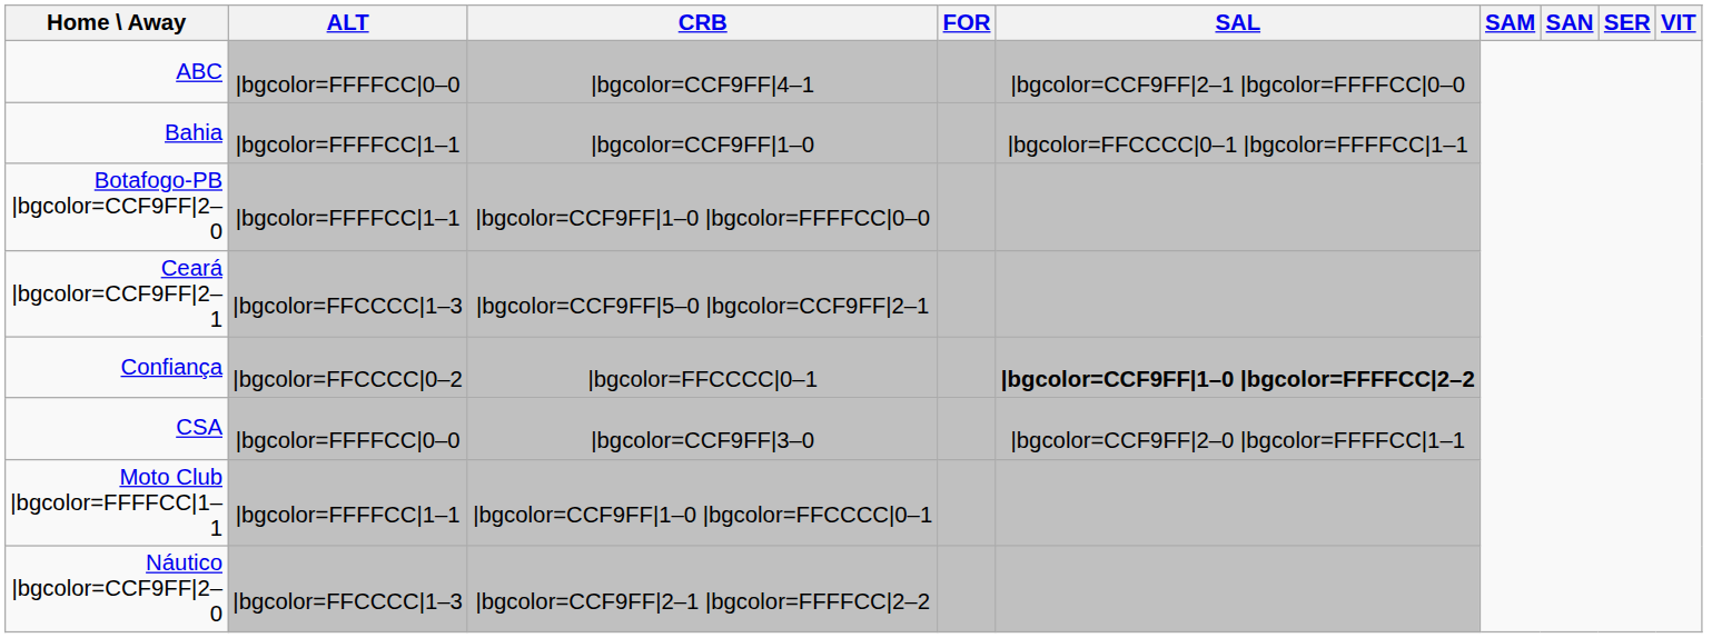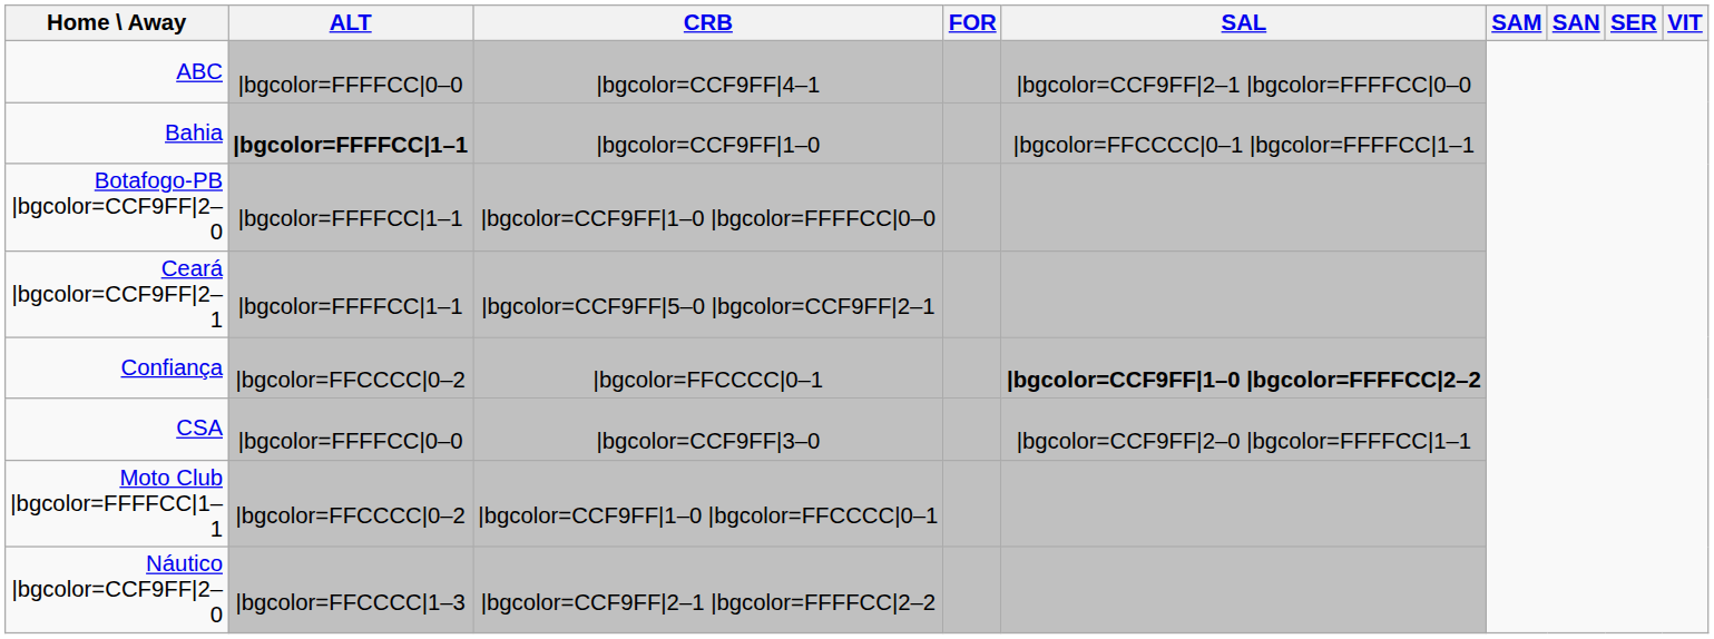 <table class="wikitable" style="text-align: center">
 <tr>
 <th width=135>Home \ Away</th>
 <th><a href='#'>ALT</a></th>
 <th><a href='#'>CRB</a></th>
 <th><a href='#'>FOR</a></th>
 <th><a href='#'>SAL</a></th>
 <th><a href='#'>SAM</a></th>
 <th><a href='#'>SAN</a></th>
 <th><a href='#'>SER</a></th>
 <th><a href='#'>VIT</a></th>
 </tr>
 <tr>
 <td style="text-align:right"> <a href='#'>ABC</a></td>
 <td bgcolor=silver><br>|bgcolor=FFFFCC|0–0</td>
 <td bgcolor=silver><br>|bgcolor=CCF9FF|4–1</td>
 <td bgcolor=silver></td>
 <td bgcolor=silver><br>|bgcolor=CCF9FF|2–1 |bgcolor=FFFFCC|0–0</td>
 </tr>
 <tr>
 <td style="text-align:right"> <a href='#'>Bahia</a></td>
-<td bgcolor=silver><br>|bgcolor=FFFFCC|1–1</td>
+<td bgcolor=silver><strong><br>|bgcolor=FFFFCC|1–1</strong></td>
 <td bgcolor=silver><br>|bgcolor=CCF9FF|1–0</td>
 <td bgcolor=silver></td>
 <td bgcolor=silver><br>|bgcolor=FFCCCC|0–1 |bgcolor=FFFFCC|1–1</td>
 </tr>
 <tr>
 <td style="text-align:right"> <a href='#'>Botafogo-PB</a><br>|bgcolor=CCF9FF|2–0</td>
 <td bgcolor=silver><br>|bgcolor=FFFFCC|1–1</td>
 <td bgcolor=silver><br>|bgcolor=CCF9FF|1–0 |bgcolor=FFFFCC|0–0</td>
 <td bgcolor=silver></td>
 <td bgcolor=silver></td>
 </tr>
 <tr>
 <td style="text-align:right"> <a href='#'>Ceará</a><br>|bgcolor=CCF9FF|2–1</td>
-<td bgcolor=silver><br>|bgcolor=FFCCCC|1–3</td>
+<td bgcolor=silver><br>|bgcolor=FFFFCC|1–1</td>
 <td bgcolor=silver><br>|bgcolor=CCF9FF|5–0 |bgcolor=CCF9FF|2–1</td>
 <td bgcolor=silver></td>
 <td bgcolor=silver></td>
 </tr>
 <tr>
 <td style="text-align:right"> <a href='#'>Confiança</a></td>
 <td bgcolor=silver><br>|bgcolor=FFCCCC|0–2</td>
 <td bgcolor=silver><br>|bgcolor=FFCCCC|0–1</td>
 <td bgcolor=silver></td>
 <td bgcolor=silver><strong><br>|bgcolor=CCF9FF|1–0 |bgcolor=FFFFCC|2–2</strong></td>
 </tr>
 <tr>
 <td style="text-align:right"> <a href='#'>CSA</a></td>
 <td bgcolor=silver><br>|bgcolor=FFFFCC|0–0</td>
 <td bgcolor=silver><br>|bgcolor=CCF9FF|3–0</td>
 <td bgcolor=silver></td>
 <td bgcolor=silver><br>|bgcolor=CCF9FF|2–0 |bgcolor=FFFFCC|1–1</td>
 </tr>
 <tr>
 <td style="text-align:right"> <a href='#'>Moto Club</a><br>|bgcolor=FFFFCC|1–1</td>
-<td bgcolor=silver><br>|bgcolor=FFFFCC|1–1</td>
+<td bgcolor=silver><br>|bgcolor=FFCCCC|0–2</td>
 <td bgcolor=silver><br>|bgcolor=CCF9FF|1–0 |bgcolor=FFCCCC|0–1</td>
 <td bgcolor=silver></td>
 <td bgcolor=silver></td>
 </tr>
 <tr>
 <td style="text-align:right"> <a href='#'>Náutico</a><br>|bgcolor=CCF9FF|2–0</td>
 <td bgcolor=silver><br>|bgcolor=FFCCCC|1–3</td>
 <td bgcolor=silver><br>|bgcolor=CCF9FF|2–1 |bgcolor=FFFFCC|2–2</td>
 <td bgcolor=silver></td>
 <td bgcolor=silver></td>
 </tr>
 </table>
